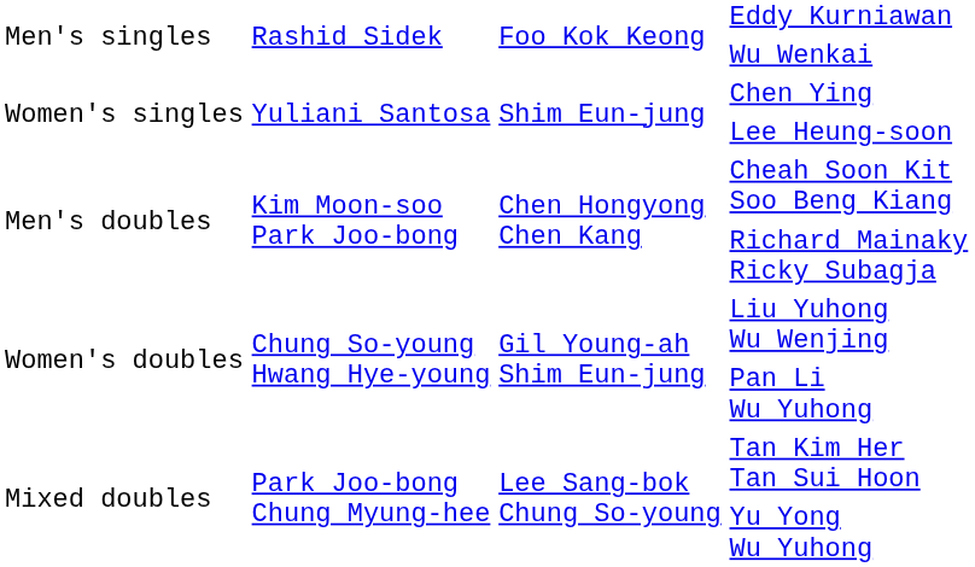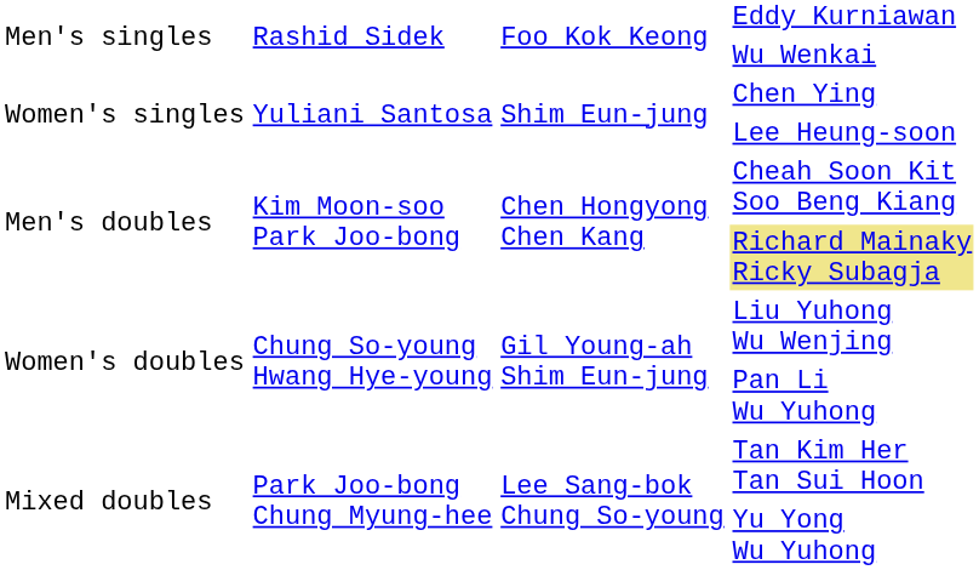 <table>
 <tr>
 <td rowspan="2">Men's singles</td>
 <td rowspan="2"> <a href='#'>Rashid Sidek</a></td>
 <td rowspan="2"> <a href='#'>Foo Kok Keong</a></td>
 <td> <a href='#'>Eddy Kurniawan</a></td>
 </tr>
 <tr>
 <td> <a href='#'>Wu Wenkai</a></td>
 </tr>
 <tr>
 <td rowspan="2">Women's singles</td>
 <td rowspan="2"> <a href='#'>Yuliani Santosa</a></td>
 <td rowspan="2"> <a href='#'>Shim Eun-jung</a></td>
 <td> <a href='#'>Chen Ying</a></td>
 </tr>
 <tr>
 <td> <a href='#'>Lee Heung-soon</a></td>
 </tr>
 <tr>
 <td rowspan="2">Men's doubles</td>
 <td rowspan="2"> <a href='#'>Kim Moon-soo</a> <br>  <a href='#'>Park Joo-bong</a></td>
 <td rowspan="2"> <a href='#'>Chen Hongyong</a> <br>  <a href='#'>Chen Kang</a></td>
 <td> <a href='#'>Cheah Soon Kit</a> <br>  <a href='#'>Soo Beng Kiang</a></td>
 </tr>
 <tr>
-<td> <a href='#'>Richard Mainaky</a> <br>  <a href='#'>Ricky Subagja</a></td>
+<td style="background: khaki;"> <a href='#'>Richard Mainaky</a> <br>  <a href='#'>Ricky Subagja</a></td>
 </tr>
 <tr>
 <td rowspan="2">Women's doubles</td>
 <td rowspan="2"> <a href='#'>Chung So-young</a> <br>  <a href='#'>Hwang Hye-young</a></td>
 <td rowspan="2"> <a href='#'>Gil Young-ah</a> <br>  <a href='#'>Shim Eun-jung</a></td>
 <td> <a href='#'>Liu Yuhong</a> <br>  <a href='#'>Wu Wenjing</a></td>
 </tr>
 <tr>
 <td> <a href='#'>Pan Li</a> <br>  <a href='#'>Wu Yuhong</a></td>
 </tr>
 <tr>
 <td rowspan="2">Mixed doubles</td>
 <td rowspan="2"> <a href='#'>Park Joo-bong</a> <br>  <a href='#'>Chung Myung-hee</a></td>
 <td rowspan="2"> <a href='#'>Lee Sang-bok</a> <br>  <a href='#'>Chung So-young</a></td>
 <td> <a href='#'>Tan Kim Her</a> <br>  <a href='#'>Tan Sui Hoon</a></td>
 </tr>
 <tr>
 <td> <a href='#'>Yu Yong</a> <br>  <a href='#'>Wu Yuhong</a></td>
 </tr>
 </table>
